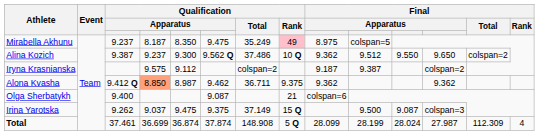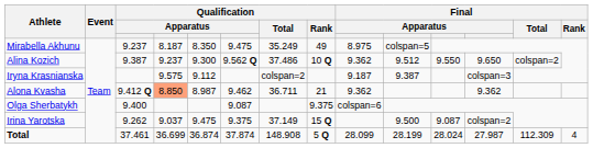 <table class="wikitable" style="font-size:90%">
 <tr>
 <th rowspan=3>Athlete</th>
 <th rowspan=3>Event</th>
 <th colspan=6>Qualification</th>
 <th colspan=6>Final</th>
 </tr>
 <tr style="font-size:95%">
 <th colspan=4>Apparatus</th>
 <th rowspan=2>Total</th>
 <th rowspan=2>Rank</th>
 <th colspan=4>Apparatus</th>
 <th rowspan=2>Total</th>
 <th rowspan=2>Rank</th>
 </tr>
 <tr style="font-size:95%">
 <th></th>
 <th></th>
 <th></th>
 <th></th>
 <th></th>
 <th></th>
 <th></th>
 <th></th>
 </tr>
 <tr align=center>
 <td align=left><a href='#'>Mirabella Akhunu</a></td>
 <td align=left rowspan=7><a href='#'>Team</a></td>
 <td>9.237</td>
 <td>8.187</td>
 <td>8.350</td>
 <td>9.475</td>
 <td>35.249</td>
-<td style="background: pink;">49</td>
+<td>49</td>
 <td>8.975</td>
 <td>colspan=5 </td>
 </tr>
 <tr align=center>
 <td align=left><a href='#'>Alina Kozich</a></td>
 <td>9.387</td>
 <td>9.237</td>
 <td>9.300</td>
 <td>9.562 <strong>Q</strong></td>
 <td>37.486</td>
 <td>10 <strong>Q</strong></td>
 <td>9.362</td>
 <td>9.512</td>
 <td>9.550</td>
 <td>9.650</td>
 <td>colspan=2 </td>
 </tr>
 <tr align=center>
 <td align=left><a href='#'>Iryna Krasnianska</a></td>
 <td></td>
 <td>9.575</td>
 <td>9.112</td>
 <td></td>
 <td>colspan=2 </td>
 <td></td>
 <td>9.187</td>
 <td>9.387</td>
 <td></td>
-<td>colspan=2 </td>
+<td>colspan=3 </td>
 </tr>
 <tr align=center>
 <td align=left><a href='#'>Alona Kvasha</a></td>
 <td>9.412 <strong>Q</strong></td>
 <td style="background: lightsalmon;">8.850</td>
 <td>8.987</td>
 <td>9.462</td>
 <td>36.711</td>
-<td>9.375</td>
+<td>21</td>
 <td>9.362</td>
 <td></td>
 <td></td>
 <td>9.362</td>
 <td></td>
 <td></td>
 </tr>
 <tr align=center>
 <td align=left><a href='#'>Olga Sherbatykh</a></td>
 <td>9.400</td>
 <td></td>
 <td></td>
 <td>9.087</td>
 <td></td>
-<td>21</td>
+<td>9.375</td>
 <td>colspan=6 </td>
 </tr>
 <tr align=center>
 <td align=left><a href='#'>Irina Yarotska</a></td>
 <td>9.262</td>
 <td>9.037</td>
 <td>9.475</td>
 <td>9.375</td>
 <td>37.149</td>
 <td>15 <strong>Q</strong></td>
 <td></td>
 <td>9.500</td>
 <td>9.087</td>
-<td>colspan=3 </td>
+<td>colspan=2 </td>
 </tr>
 <tr align=center>
 <td align=left><strong>Total</strong></td>
 <td>37.461</td>
 <td>36.699</td>
 <td>36.874</td>
 <td>37.874</td>
 <td>148.908</td>
 <td>5 <strong>Q</strong></td>
 <td>28.099</td>
 <td>28.199</td>
 <td>28.024</td>
 <td>27.987</td>
 <td>112.309</td>
 <td>4</td>
 </tr>
 </table>
